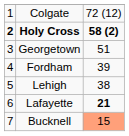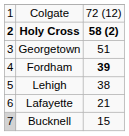 <table class="wikitable">
 <tr align="center">
 </tr>
 <tr align="center">
 <td>1</td>
 <td>Colgate</td>
 <td>72 (12)</td>
 </tr>
 <tr align="center">
 <td><strong>2</strong></td>
 <td><strong>Holy Cross</strong></td>
 <td><strong>58 (2)</strong></td>
 </tr>
 <tr align="center">
 <td>3</td>
 <td>Georgetown</td>
 <td>51</td>
 </tr>
 <tr align="center">
 <td>4</td>
 <td>Fordham</td>
-<td>39</td>
+<td><strong>39</strong></td>
 </tr>
 <tr align="center">
 <td>5</td>
 <td>Lehigh</td>
 <td>38</td>
 </tr>
 <tr align="center">
 <td>6</td>
 <td>Lafayette</td>
-<td><strong>21</strong></td>
+<td>21</td>
 </tr>
 <tr align="center">
-<td>7</td>
+<td style="background: lightgrey;">7</td>
 <td>Bucknell</td>
-<td style="background: lightsalmon;">15</td>
+<td>15</td>
 </tr>
 </table>
